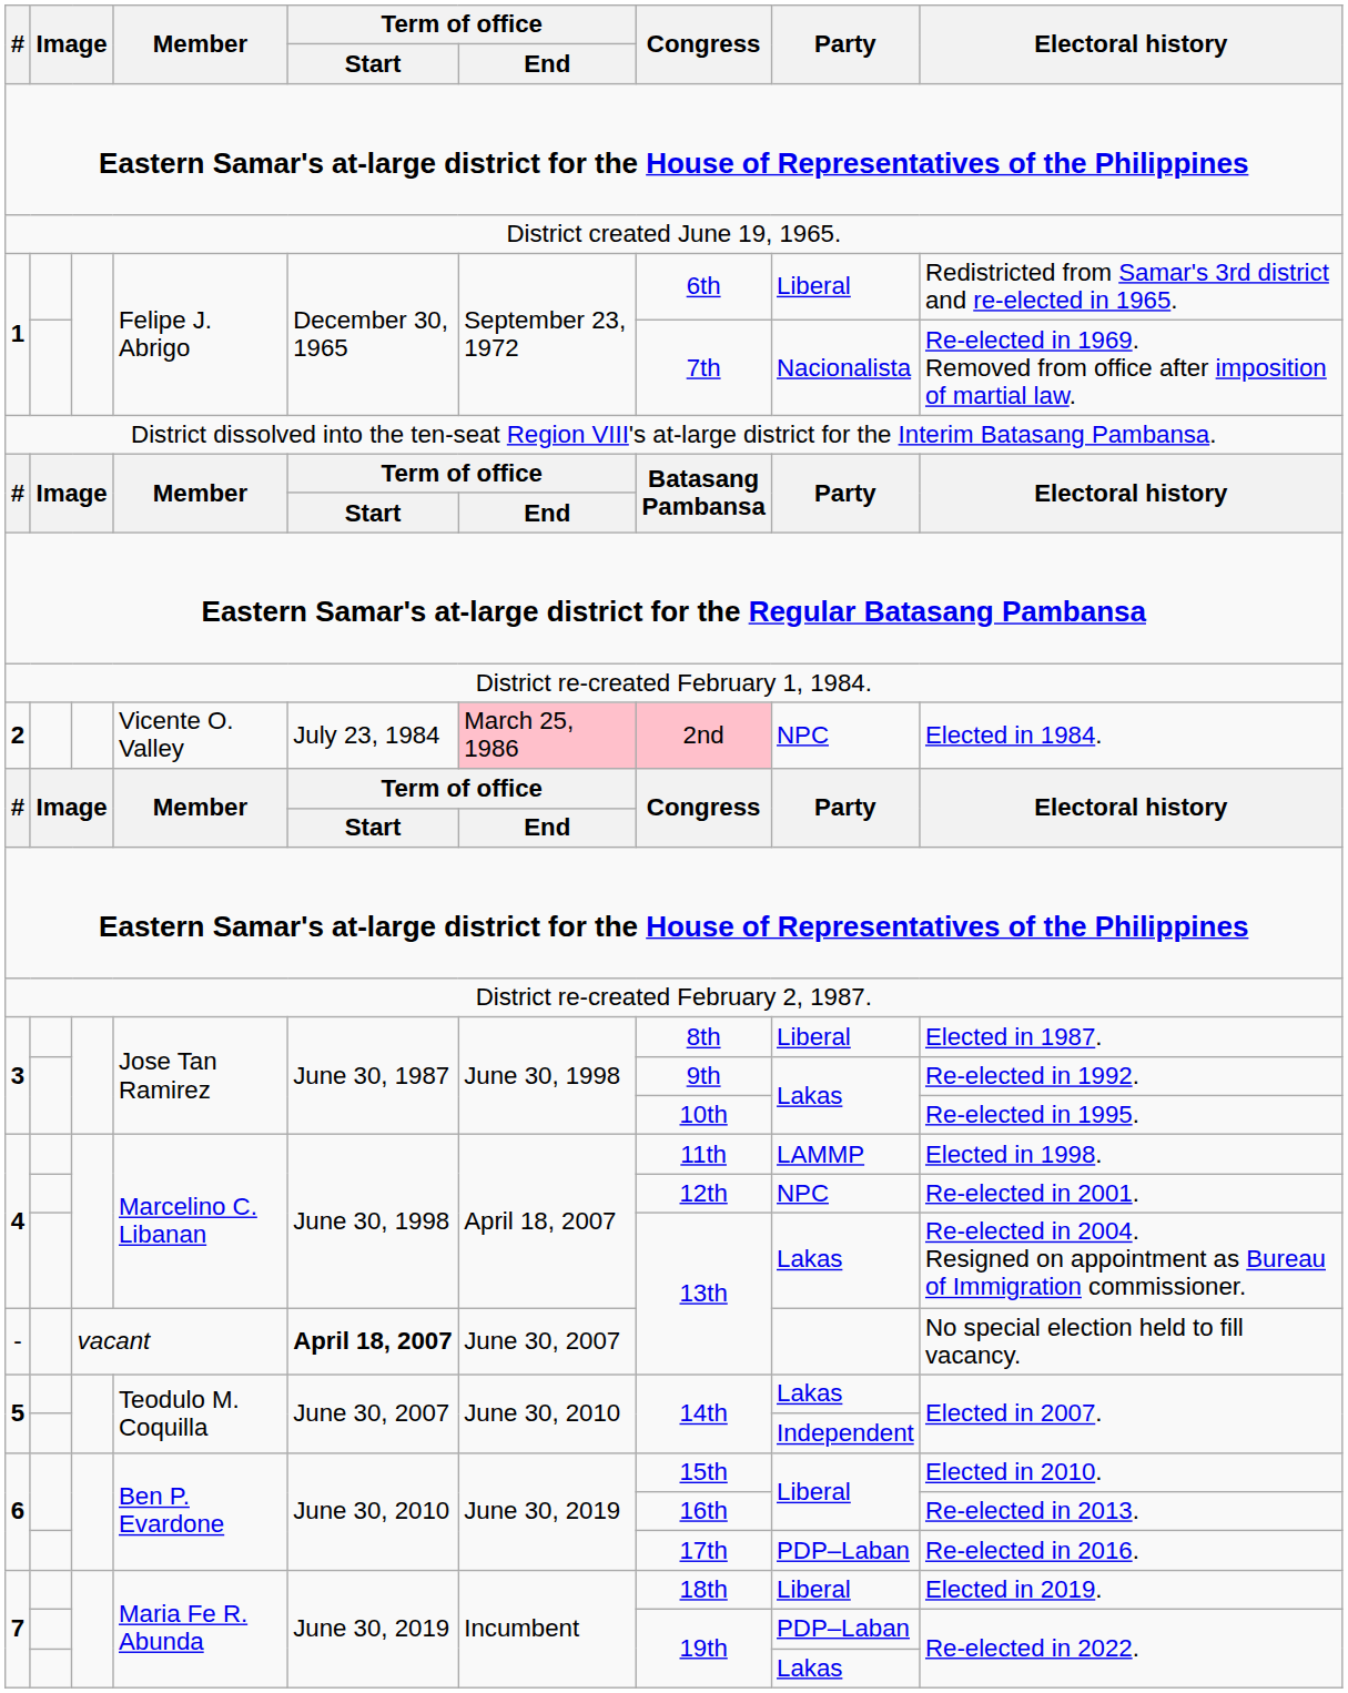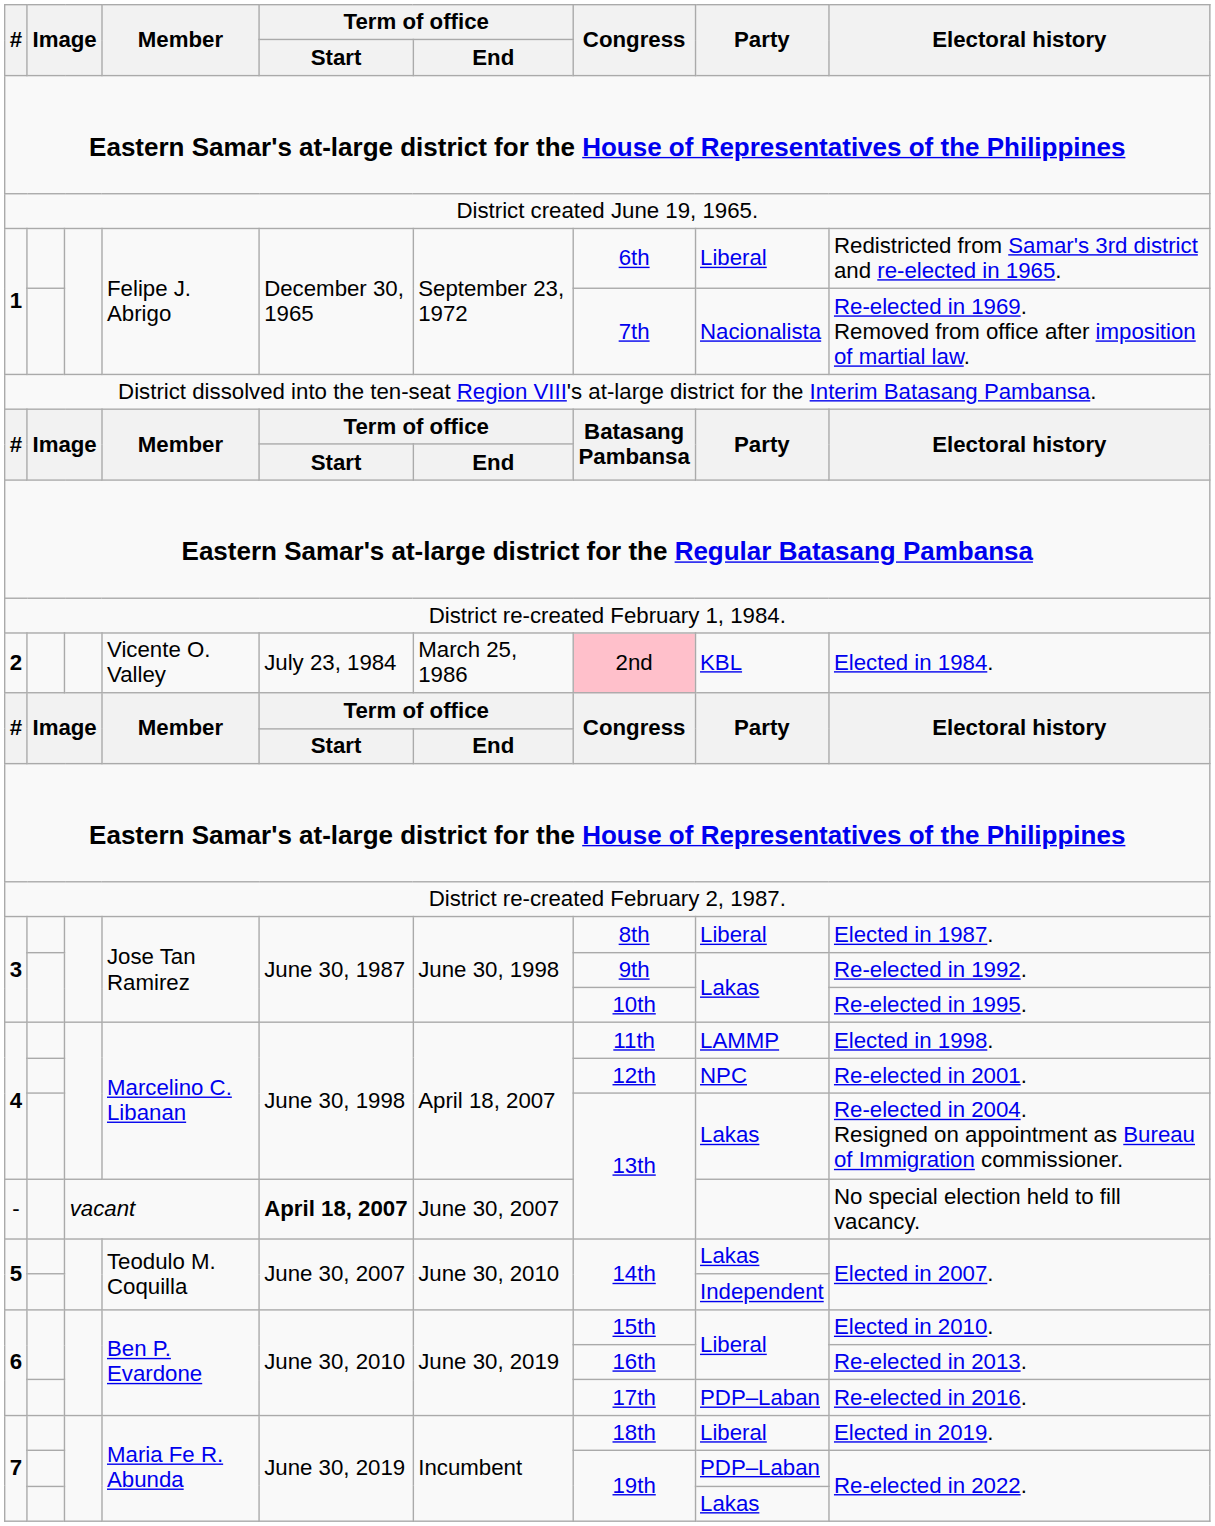 <table class=wikitable>
 <tr>
 <th rowspan="2">#</th>
 <th rowspan="2" colspan=2>Image</th>
 <th rowspan="2">Member</th>
 <th colspan=2>Term of office</th>
 <th rowspan="2">Congress</th>
 <th rowspan="2">Party</th>
 <th rowspan="2">Electoral history</th>
 </tr>
 <tr>
 <th>Start</th>
 <th>End</th>
 </tr>
 <tr>
 <td colspan="9" style="text-align:center;"><br><h3>Eastern Samar's at-large district for the <a href='#'>House of Representatives of the Philippines</a></h3></td>
 </tr>
 <tr>
 <td colspan="9" style="text-align:center;">District created June 19, 1965.</td>
 </tr>
 <tr>
 <td rowspan="2" style="text-align:center;"><strong>1</strong></td>
 <td style="color:inherit;background:"></td>
 <td rowspan="2"></td>
 <td rowspan="2">Felipe J. Abrigo</td>
 <td rowspan="2">December 30, 1965</td>
 <td rowspan="2">September 23, 1972</td>
 <td style="text-align:center;"><a href='#'>6th</a></td>
 <td><a href='#'>Liberal</a></td>
 <td>Redistricted from <a href='#'>Samar's 3rd district</a> and <a href='#'>re-elected in 1965</a>.</td>
 </tr>
 <tr>
 <td style="color:inherit;background:"></td>
 <td style="text-align:center;"><a href='#'>7th</a></td>
 <td><a href='#'>Nacionalista</a></td>
 <td><a href='#'>Re-elected in 1969</a>.<br>Removed from office after <a href='#'>imposition of martial law</a>.</td>
 </tr>
 <tr>
 <td colspan="9" style="text-align:center;">District dissolved into the ten-seat <a href='#'>Region VIII</a>'s at-large district for the <a href='#'>Interim Batasang Pambansa</a>.</td>
 </tr>
 <tr>
 <th rowspan="2">#</th>
 <th rowspan="2" colspan=2>Image</th>
 <th rowspan="2">Member</th>
 <th colspan=2>Term of office</th>
 <th rowspan="2">Batasang<br>Pambansa</th>
 <th rowspan="2">Party</th>
 <th rowspan="2">Electoral history</th>
 </tr>
 <tr>
 <th>Start</th>
 <th>End</th>
 </tr>
 <tr>
 <td colspan="9" style="text-align:center;"><br><h3>Eastern Samar's at-large district for the <a href='#'>Regular Batasang Pambansa</a></h3></td>
 </tr>
 <tr>
 <td colspan="9" style="text-align:center;">District re-created February 1, 1984.</td>
 </tr>
 <tr>
 <td style="text-align:center;"><strong>2</strong></td>
 <td style="color:inherit;background:"></td>
 <td></td>
 <td>Vicente O. Valley</td>
 <td>July 23, 1984</td>
-<td style="background: pink;">March 25, 1986</td>
+<td>March 25, 1986</td>
 <td style="background: pink; text-align:center;">2nd</td>
-<td><a href='#'>NPC</a></td>
+<td><a href='#'>KBL</a></td>
 <td><a href='#'>Elected in 1984</a>.</td>
 </tr>
 <tr>
 <th rowspan="2">#</th>
 <th rowspan="2" colspan=2>Image</th>
 <th rowspan="2">Member</th>
 <th colspan=2>Term of office</th>
 <th rowspan="2">Congress</th>
 <th rowspan="2">Party</th>
 <th rowspan="2">Electoral history</th>
 </tr>
 <tr>
 <th>Start</th>
 <th>End</th>
 </tr>
 <tr>
 <td colspan="9" style="text-align:center;"><br><h3>Eastern Samar's at-large district for the <a href='#'>House of Representatives of the Philippines</a></h3></td>
 </tr>
 <tr>
 <td colspan="9" style="text-align:center;">District re-created February 2, 1987.</td>
 </tr>
 <tr>
 <td rowspan="3" style="text-align:center;"><strong>3</strong></td>
 <td style="color:inherit;background:"></td>
 <td rowspan="3"></td>
 <td rowspan="3">Jose Tan Ramirez</td>
 <td rowspan="3">June 30, 1987</td>
 <td rowspan="3">June 30, 1998</td>
 <td style="text-align:center;"><a href='#'>8th</a></td>
 <td><a href='#'>Liberal</a></td>
 <td><a href='#'>Elected in 1987</a>.</td>
 </tr>
 <tr>
 <td rowspan="2" style="color:inherit;background:"></td>
 <td style="text-align:center;"><a href='#'>9th</a></td>
 <td rowspan="2"><a href='#'>Lakas</a></td>
 <td><a href='#'>Re-elected in 1992</a>.</td>
 </tr>
 <tr>
 <td style="text-align:center;"><a href='#'>10th</a></td>
 <td><a href='#'>Re-elected in 1995</a>.</td>
 </tr>
 <tr>
 <td rowspan="3" style="text-align:center;"><strong>4</strong></td>
 <td style="color:inherit;background:"></td>
 <td rowspan="3"></td>
 <td rowspan="3"><a href='#'>Marcelino C. Libanan</a></td>
 <td rowspan="3">June 30, 1998</td>
 <td rowspan="3">April 18, 2007</td>
 <td style="text-align:center;"><a href='#'>11th</a></td>
 <td><a href='#'>LAMMP</a></td>
 <td><a href='#'>Elected in 1998</a>.</td>
 </tr>
 <tr>
 <td style="color:inherit;background:"></td>
 <td style="text-align:center;"><a href='#'>12th</a></td>
 <td><a href='#'>NPC</a></td>
 <td><a href='#'>Re-elected in 2001</a>.</td>
 </tr>
 <tr>
 <td style="color:inherit;background:"></td>
 <td style="text-align:center;" rowspan="2"><a href='#'>13th</a></td>
 <td><a href='#'>Lakas</a></td>
 <td><a href='#'>Re-elected in 2004</a>.<br>Resigned on appointment as <a href='#'>Bureau of Immigration</a> commissioner.</td>
 </tr>
 <tr>
 <td style="text-align:center;">-</td>
 <td style="color:inherit;background:"></td>
 <td colspan="2"><em>vacant</em></td>
 <td><strong>April 18, 2007</strong></td>
 <td>June 30, 2007</td>
 <td></td>
 <td>No special election held to fill vacancy.</td>
 </tr>
 <tr>
 <td style="text-align:center;" rowspan="2"><strong>5</strong></td>
 <td style="color:inherit;background:"></td>
 <td rowspan="2"></td>
 <td rowspan="2">Teodulo M. Coquilla</td>
 <td rowspan="2">June 30, 2007</td>
 <td rowspan="2">June 30, 2010</td>
 <td style="text-align:center;" rowspan="2"><a href='#'>14th</a></td>
 <td><a href='#'>Lakas</a></td>
 <td rowspan="2"><a href='#'>Elected in 2007</a>.</td>
 </tr>
 <tr>
 <td style="color:inherit;background:"></td>
 <td><a href='#'>Independent</a></td>
 </tr>
 <tr>
 <td rowspan="3" style="text-align:center;"><strong>6</strong></td>
 <td rowspan="2" style="color:inherit;background:"></td>
 <td rowspan="3"></td>
 <td rowspan="3"><a href='#'>Ben P. Evardone</a></td>
 <td rowspan="3">June 30, 2010</td>
 <td rowspan="3">June 30, 2019</td>
 <td style="text-align:center;"><a href='#'>15th</a></td>
 <td rowspan="2"><a href='#'>Liberal</a></td>
 <td><a href='#'>Elected in 2010</a>.</td>
 </tr>
 <tr>
 <td style="text-align:center;"><a href='#'>16th</a></td>
 <td><a href='#'>Re-elected in 2013</a>.</td>
 </tr>
 <tr>
 <td style="color:inherit;background:"></td>
 <td style="text-align:center;"><a href='#'>17th</a></td>
 <td><a href='#'>PDP–Laban</a></td>
 <td><a href='#'>Re-elected in 2016</a>.</td>
 </tr>
 <tr>
 <td rowspan="3" style="text-align:center;"><strong>7</strong></td>
 <td style="color:inherit;background:"></td>
 <td rowspan="3"></td>
 <td rowspan="3"><a href='#'>Maria Fe R. Abunda</a></td>
 <td rowspan="3">June 30, 2019</td>
 <td rowspan="3">Incumbent</td>
 <td style="text-align:center;"><a href='#'>18th</a></td>
 <td><a href='#'>Liberal</a></td>
 <td><a href='#'>Elected in 2019</a>.</td>
 </tr>
 <tr>
 <td style="color:inherit;background:"></td>
 <td style="text-align:center;" rowspan="2"><a href='#'>19th</a></td>
 <td><a href='#'>PDP–Laban</a></td>
 <td rowspan="2"><a href='#'>Re-elected in 2022</a>.</td>
 </tr>
 <tr>
 <td style="color:inherit;background:"></td>
 <td><a href='#'>Lakas</a></td>
 </tr>
 </table>
